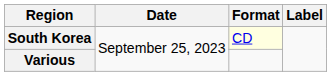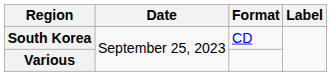 <table class="wikitable plainrowheaders">
 <tr>
 <th scope="col">Region</th>
 <th scope="col">Date</th>
 <th scope="col">Format</th>
 <th scope="col">Label</th>
 </tr>
 <tr>
 <th scope="row">South Korea</th>
 <td rowspan="2">September 25, 2023</td>
-<td style="background: lightyellow;"><a href='#'>CD</a></td>
+<td><a href='#'>CD</a></td>
 <td rowspan="2"></td>
 </tr>
 <tr>
 <th scope="row">Various</th>
 <td></td>
 </tr>
 </table>
